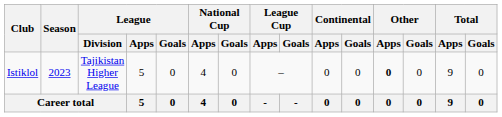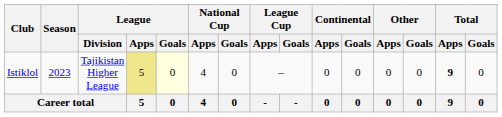 <table class="wikitable" style="text-align: center">
 <tr>
 <th rowspan="2">Club</th>
 <th rowspan="2">Season</th>
 <th colspan="3">League</th>
 <th colspan="2">National Cup</th>
 <th colspan="2">League Cup</th>
 <th colspan="2">Continental</th>
 <th colspan="2">Other</th>
 <th colspan="2">Total</th>
 </tr>
 <tr>
 <th>Division</th>
 <th>Apps</th>
 <th>Goals</th>
 <th>Apps</th>
 <th>Goals</th>
 <th>Apps</th>
 <th>Goals</th>
 <th>Apps</th>
 <th>Goals</th>
 <th>Apps</th>
 <th>Goals</th>
 <th>Apps</th>
 <th>Goals</th>
 </tr>
 <tr>
 <td><a href='#'>Istiklol</a></td>
 <td><a href='#'>2023</a></td>
 <td><a href='#'>Tajikistan Higher League</a></td>
-<td>5</td>
-<td>0</td>
+<td style="background: khaki;">5</td>
+<td style="background: lightyellow;">0</td>
 <td>4</td>
 <td>0</td>
 <td colspan="2">–</td>
 <td>0</td>
 <td>0</td>
-<td><strong>0</strong></td>
 <td>0</td>
-<td>9</td>
+<td>0</td>
+<td><strong>9</strong></td>
 <td>0</td>
 </tr>
 <tr>
 <th colspan="3">Career total</th>
 <th>5</th>
 <th>0</th>
 <th>4</th>
 <th>0</th>
 <th>-</th>
 <th>-</th>
 <th>0</th>
 <th>0</th>
 <th>0</th>
 <th>0</th>
 <th>9</th>
 <th>0</th>
 </tr>
 </table>
